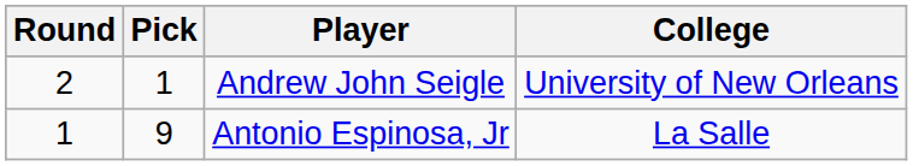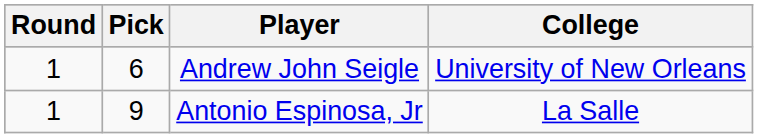 <table class="wikitable sortable sortable">
 <tr>
 <th>Round</th>
 <th>Pick</th>
 <th>Player</th>
 <th>College</th>
 </tr>
 <tr style="text-align: center">
-<td align="center">2</td>
 <td align="center">1</td>
+<td align="center">6</td>
 <td><a href='#'>Andrew John Seigle</a></td>
 <td><a href='#'>University of New Orleans</a></td>
 </tr>
 <tr style="text-align: center">
 <td align="center">1</td>
 <td align="center">9</td>
 <td><a href='#'>Antonio Espinosa, Jr</a></td>
 <td><a href='#'>La Salle</a></td>
 </tr>
 </table>
